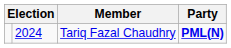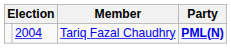 <table class="wikitable">
 <tr>
 <th colspan="2">Election</th>
 <th>Member</th>
 <th>Party</th>
 </tr>
 <tr>
 <td style="background-color: "></td>
-<td><a href='#'>2024</a></td>
+<td><a href='#'>2004</a></td>
 <td><a href='#'>Tariq Fazal Chaudhry</a></td>
 <td><strong><a href='#'>PML(N)</a></strong></td>
 </tr>
 </table>
